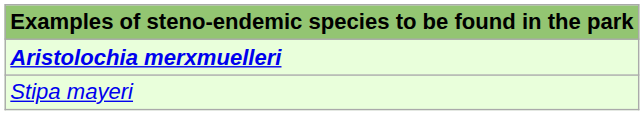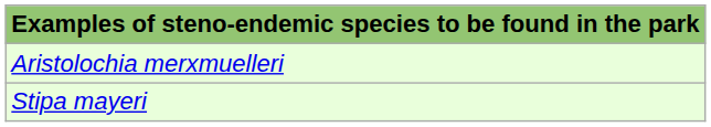 <table class="wikitable" style="margin: auto">
 <tr>
 <th style="background: #93C572;">Examples of steno-endemic species to be found in the park</th>
 </tr>
 <tr>
-<td style="background: #E9FFDB;"><strong><em><a href='#'>Aristolochia merxmuelleri</a></em></strong></td>
+<td style="background: #E9FFDB;"><em><a href='#'>Aristolochia merxmuelleri</a></em></td>
 </tr>
 <tr>
 <td style="background: #E9FFDB;"><em><a href='#'>Stipa mayeri</a></em></td>
 </tr>
 </table>
